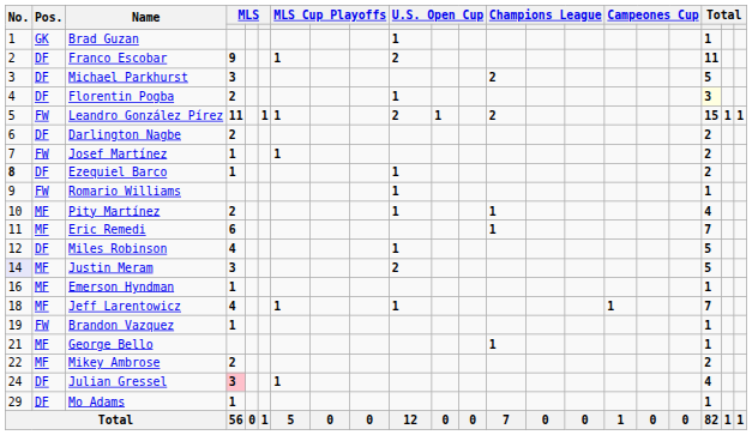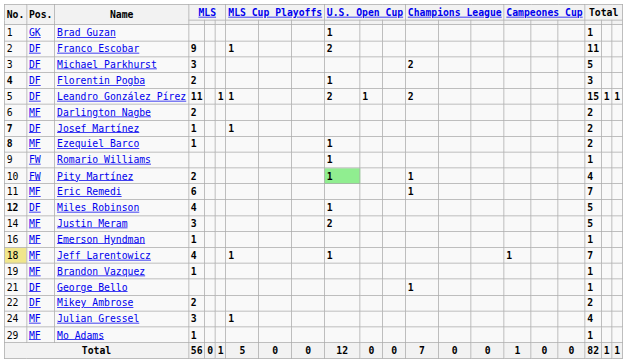 <table class="wikitable sortable" style="90% text-align: center">
 <tr>
 <th rowspan="2">No.</th>
 <th rowspan="2">Pos.</th>
 <th rowspan="2">Name</th>
 <th colspan="3"><a href='#'>MLS</a></th>
 <th colspan="3"><a href='#'>MLS Cup Playoffs</a></th>
 <th colspan="3"><a href='#'>U.S. Open Cup</a></th>
 <th colspan="3"><a href='#'>Champions League</a></th>
 <th colspan="3"><a href='#'>Campeones Cup</a></th>
 <th colspan="3">Total</th>
 </tr>
 <tr>
 <th></th>
 <th></th>
 <th></th>
 <th></th>
 <th></th>
 <th></th>
 <th></th>
 <th></th>
 <th></th>
 <th></th>
 <th></th>
 <th></th>
 <th></th>
 <th></th>
 <th></th>
 <th></th>
 <th></th>
 <th></th>
 </tr>
 <tr>
 <td>1</td>
 <td><a href='#'>GK</a></td>
 <td><a href='#'>Brad Guzan</a></td>
 <td><strong> </strong></td>
 <td><strong> </strong></td>
 <td><strong> </strong></td>
 <td><strong> </strong></td>
 <td><strong> </strong></td>
 <td><strong> </strong></td>
 <td><strong>1</strong></td>
 <td><strong> </strong></td>
 <td><strong> </strong></td>
 <td><strong> </strong></td>
 <td><strong> </strong></td>
 <td><strong> </strong></td>
 <td><strong> </strong></td>
 <td><strong> </strong></td>
 <td><strong> </strong></td>
 <td><strong>1</strong></td>
 <td><strong> </strong></td>
 <td><strong> </strong></td>
 </tr>
 <tr>
 <td>2</td>
 <td><a href='#'>DF</a></td>
 <td><a href='#'>Franco Escobar</a></td>
 <td><strong>9</strong></td>
 <td><strong> </strong></td>
 <td><strong> </strong></td>
 <td><strong>1</strong></td>
 <td><strong> </strong></td>
 <td><strong> </strong></td>
 <td><strong>2</strong></td>
 <td><strong> </strong></td>
 <td><strong> </strong></td>
 <td><strong> </strong></td>
 <td><strong> </strong></td>
 <td><strong> </strong></td>
 <td><strong> </strong></td>
 <td><strong> </strong></td>
 <td><strong> </strong></td>
 <td><strong>11</strong></td>
 <td><strong> </strong></td>
 <td><strong> </strong></td>
 </tr>
 <tr>
 <td>3</td>
 <td><a href='#'>DF</a></td>
 <td><a href='#'>Michael Parkhurst</a></td>
 <td><strong>3</strong></td>
 <td><strong> </strong></td>
 <td><strong> </strong></td>
 <td><strong> </strong></td>
 <td><strong> </strong></td>
 <td><strong> </strong></td>
 <td><strong> </strong></td>
 <td><strong> </strong></td>
 <td><strong> </strong></td>
 <td><strong>2</strong></td>
 <td><strong> </strong></td>
 <td><strong> </strong></td>
 <td><strong> </strong></td>
 <td><strong> </strong></td>
 <td><strong> </strong></td>
 <td><strong>5</strong></td>
 <td><strong> </strong></td>
 <td><strong> </strong></td>
 </tr>
 <tr>
-<td>4</td>
+<td><strong>4</strong></td>
 <td><a href='#'>DF</a></td>
 <td><a href='#'>Florentin Pogba</a></td>
 <td><strong>2</strong></td>
 <td><strong> </strong></td>
 <td><strong> </strong></td>
 <td><strong> </strong></td>
 <td><strong> </strong></td>
 <td><strong> </strong></td>
 <td><strong>1</strong></td>
 <td><strong> </strong></td>
 <td><strong> </strong></td>
 <td><strong> </strong></td>
 <td><strong> </strong></td>
 <td><strong> </strong></td>
 <td><strong> </strong></td>
 <td><strong> </strong></td>
 <td><strong> </strong></td>
-<td style="background: lightyellow;"><strong>3</strong></td>
+<td><strong>3</strong></td>
 <td><strong> </strong></td>
 <td><strong> </strong></td>
 </tr>
 <tr>
 <td>5</td>
-<td><a href='#'>FW</a></td>
+<td><a href='#'>DF</a></td>
 <td><a href='#'>Leandro González Pírez</a></td>
 <td><strong>11</strong></td>
 <td><strong> </strong></td>
 <td><strong>1</strong></td>
 <td><strong>1</strong></td>
 <td><strong> </strong></td>
 <td><strong> </strong></td>
 <td><strong>2</strong></td>
 <td><strong>1</strong></td>
 <td><strong> </strong></td>
 <td><strong>2</strong></td>
 <td><strong> </strong></td>
 <td><strong> </strong></td>
 <td><strong> </strong></td>
 <td><strong> </strong></td>
 <td><strong> </strong></td>
 <td><strong>15</strong></td>
 <td><strong>1</strong></td>
 <td><strong>1</strong></td>
 </tr>
 <tr>
 <td>6</td>
-<td><a href='#'>DF</a></td>
+<td><a href='#'>MF</a></td>
 <td><a href='#'>Darlington Nagbe</a></td>
 <td><strong>2</strong></td>
 <td><strong> </strong></td>
 <td><strong> </strong></td>
 <td><strong> </strong></td>
 <td><strong> </strong></td>
 <td><strong> </strong></td>
 <td><strong> </strong></td>
 <td><strong> </strong></td>
 <td><strong> </strong></td>
 <td><strong> </strong></td>
 <td><strong> </strong></td>
 <td><strong> </strong></td>
 <td><strong> </strong></td>
 <td><strong> </strong></td>
 <td><strong> </strong></td>
 <td><strong>2</strong></td>
 <td><strong> </strong></td>
 <td><strong> </strong></td>
 </tr>
 <tr>
-<td>7</td>
-<td><a href='#'>FW</a></td>
+<td><strong>7</strong></td>
+<td><a href='#'>DF</a></td>
 <td><a href='#'>Josef Martínez</a></td>
 <td><strong>1</strong></td>
 <td><strong> </strong></td>
 <td><strong> </strong></td>
 <td><strong>1</strong></td>
 <td><strong> </strong></td>
 <td><strong> </strong></td>
 <td><strong> </strong></td>
 <td><strong> </strong></td>
 <td><strong> </strong></td>
 <td><strong> </strong></td>
 <td><strong> </strong></td>
 <td><strong> </strong></td>
 <td><strong> </strong></td>
 <td><strong> </strong></td>
 <td><strong> </strong></td>
 <td><strong>2</strong></td>
 <td><strong> </strong></td>
 <td><strong> </strong></td>
 </tr>
 <tr>
 <td><strong>8</strong></td>
-<td><a href='#'>DF</a></td>
+<td><a href='#'>MF</a></td>
 <td><a href='#'>Ezequiel Barco</a></td>
 <td><strong>1</strong></td>
 <td><strong> </strong></td>
 <td><strong> </strong></td>
 <td><strong> </strong></td>
 <td><strong> </strong></td>
 <td><strong> </strong></td>
 <td><strong>1</strong></td>
 <td><strong> </strong></td>
 <td><strong> </strong></td>
 <td><strong> </strong></td>
 <td><strong> </strong></td>
 <td><strong> </strong></td>
 <td><strong> </strong></td>
 <td><strong> </strong></td>
 <td><strong> </strong></td>
 <td><strong>2</strong></td>
 <td><strong> </strong></td>
 <td><strong> </strong></td>
 </tr>
 <tr>
 <td>9</td>
 <td><a href='#'>FW</a></td>
 <td><a href='#'>Romario Williams</a></td>
 <td><strong> </strong></td>
 <td><strong> </strong></td>
 <td><strong> </strong></td>
 <td><strong> </strong></td>
 <td><strong> </strong></td>
 <td><strong> </strong></td>
 <td><strong>1</strong></td>
 <td><strong> </strong></td>
 <td><strong> </strong></td>
 <td><strong> </strong></td>
 <td><strong> </strong></td>
 <td><strong> </strong></td>
 <td><strong> </strong></td>
 <td><strong> </strong></td>
 <td><strong> </strong></td>
 <td><strong>1</strong></td>
 <td><strong> </strong></td>
 <td><strong> </strong></td>
 </tr>
 <tr>
 <td>10</td>
-<td><a href='#'>MF</a></td>
+<td><a href='#'>FW</a></td>
 <td><a href='#'>Pity Martínez</a></td>
 <td><strong>2</strong></td>
 <td><strong> </strong></td>
 <td><strong> </strong></td>
 <td><strong> </strong></td>
 <td><strong> </strong></td>
 <td><strong> </strong></td>
-<td><strong>1</strong></td>
+<td style="background: lightgreen;"><strong>1</strong></td>
 <td><strong> </strong></td>
 <td><strong> </strong></td>
 <td><strong>1</strong></td>
 <td><strong> </strong></td>
 <td><strong> </strong></td>
 <td><strong> </strong></td>
 <td><strong> </strong></td>
 <td><strong> </strong></td>
 <td><strong>4</strong></td>
 <td><strong> </strong></td>
 <td><strong> </strong></td>
 </tr>
 <tr>
 <td>11</td>
 <td><a href='#'>MF</a></td>
 <td><a href='#'>Eric Remedi</a></td>
 <td><strong>6</strong></td>
 <td><strong> </strong></td>
 <td><strong> </strong></td>
 <td><strong> </strong></td>
 <td><strong> </strong></td>
 <td><strong> </strong></td>
 <td><strong> </strong></td>
 <td><strong> </strong></td>
 <td><strong> </strong></td>
 <td><strong>1</strong></td>
 <td><strong> </strong></td>
 <td><strong> </strong></td>
 <td><strong> </strong></td>
 <td><strong> </strong></td>
 <td><strong> </strong></td>
 <td><strong>7</strong></td>
 <td><strong> </strong></td>
 <td><strong> </strong></td>
 </tr>
 <tr>
-<td>12</td>
+<td><strong>12</strong></td>
 <td><a href='#'>DF</a></td>
 <td><a href='#'>Miles Robinson</a></td>
 <td><strong>4</strong></td>
 <td><strong> </strong></td>
 <td><strong> </strong></td>
 <td><strong> </strong></td>
 <td><strong> </strong></td>
 <td><strong> </strong></td>
 <td><strong>1</strong></td>
 <td><strong> </strong></td>
 <td><strong> </strong></td>
 <td><strong> </strong></td>
 <td><strong> </strong></td>
 <td><strong> </strong></td>
 <td><strong> </strong></td>
 <td><strong> </strong></td>
 <td><strong> </strong></td>
 <td><strong>5</strong></td>
 <td><strong> </strong></td>
 <td><strong> </strong></td>
 </tr>
 <tr>
-<td style="background: lavender;">14</td>
+<td>14</td>
 <td><a href='#'>MF</a></td>
 <td><a href='#'>Justin Meram</a></td>
 <td><strong>3</strong></td>
 <td><strong> </strong></td>
 <td><strong> </strong></td>
 <td><strong> </strong></td>
 <td><strong> </strong></td>
 <td><strong> </strong></td>
 <td><strong>2</strong></td>
 <td><strong> </strong></td>
 <td><strong> </strong></td>
 <td><strong> </strong></td>
 <td><strong> </strong></td>
 <td><strong> </strong></td>
 <td><strong> </strong></td>
 <td><strong> </strong></td>
 <td><strong> </strong></td>
 <td><strong>5</strong></td>
 <td><strong> </strong></td>
 <td><strong> </strong></td>
 </tr>
 <tr>
 <td>16</td>
 <td><a href='#'>MF</a></td>
 <td><a href='#'>Emerson Hyndman</a></td>
 <td><strong>1</strong></td>
 <td><strong> </strong></td>
 <td><strong> </strong></td>
 <td><strong> </strong></td>
 <td><strong> </strong></td>
 <td><strong> </strong></td>
 <td><strong> </strong></td>
 <td><strong> </strong></td>
 <td><strong> </strong></td>
 <td><strong> </strong></td>
 <td><strong> </strong></td>
 <td><strong> </strong></td>
 <td><strong> </strong></td>
 <td><strong> </strong></td>
 <td><strong> </strong></td>
 <td><strong>1</strong></td>
 <td><strong> </strong></td>
 <td><strong> </strong></td>
 </tr>
 <tr>
-<td>18</td>
+<td style="background: khaki;">18</td>
 <td><a href='#'>MF</a></td>
 <td><a href='#'>Jeff Larentowicz</a></td>
 <td><strong>4</strong></td>
 <td><strong> </strong></td>
 <td><strong> </strong></td>
 <td><strong>1</strong></td>
 <td><strong> </strong></td>
 <td><strong> </strong></td>
 <td><strong>1 </strong></td>
 <td><strong> </strong></td>
 <td><strong> </strong></td>
 <td><strong> </strong></td>
 <td><strong> </strong></td>
 <td><strong> </strong></td>
 <td><strong>1</strong></td>
 <td><strong> </strong></td>
 <td><strong> </strong></td>
 <td><strong>7</strong></td>
 <td><strong> </strong></td>
 <td><strong> </strong></td>
 </tr>
 <tr>
 <td>19</td>
-<td><a href='#'>FW</a></td>
+<td><a href='#'>MF</a></td>
 <td><a href='#'>Brandon Vazquez</a></td>
 <td><strong>1</strong></td>
 <td><strong> </strong></td>
 <td><strong> </strong></td>
 <td><strong> </strong></td>
 <td><strong> </strong></td>
 <td><strong> </strong></td>
 <td><strong> </strong></td>
 <td><strong> </strong></td>
 <td><strong> </strong></td>
 <td><strong> </strong></td>
 <td><strong> </strong></td>
 <td><strong> </strong></td>
 <td><strong> </strong></td>
 <td><strong> </strong></td>
 <td><strong> </strong></td>
 <td><strong>1</strong></td>
 <td><strong> </strong></td>
 <td><strong> </strong></td>
 </tr>
 <tr>
 <td>21</td>
-<td><a href='#'>MF</a></td>
+<td><a href='#'>DF</a></td>
 <td><a href='#'>George Bello</a></td>
 <td><strong> </strong></td>
 <td><strong> </strong></td>
 <td><strong> </strong></td>
 <td><strong> </strong></td>
 <td><strong> </strong></td>
 <td><strong> </strong></td>
 <td><strong> </strong></td>
 <td><strong> </strong></td>
 <td><strong> </strong></td>
 <td><strong>1</strong></td>
 <td><strong> </strong></td>
 <td><strong> </strong></td>
 <td><strong> </strong></td>
 <td><strong> </strong></td>
 <td><strong> </strong></td>
 <td><strong>1</strong></td>
 <td><strong> </strong></td>
 <td><strong> </strong></td>
 </tr>
 <tr>
 <td>22</td>
-<td><a href='#'>MF</a></td>
+<td><a href='#'>DF</a></td>
 <td><a href='#'>Mikey Ambrose</a></td>
 <td><strong>2</strong></td>
 <td><strong> </strong></td>
 <td><strong> </strong></td>
 <td><strong> </strong></td>
 <td><strong> </strong></td>
 <td><strong> </strong></td>
 <td><strong> </strong></td>
 <td><strong> </strong></td>
 <td><strong> </strong></td>
 <td><strong> </strong></td>
 <td><strong> </strong></td>
 <td><strong> </strong></td>
 <td><strong> </strong></td>
 <td><strong> </strong></td>
 <td><strong> </strong></td>
 <td><strong>2</strong></td>
 <td><strong> </strong></td>
 <td><strong> </strong></td>
 </tr>
 <tr>
 <td>24</td>
-<td><a href='#'>DF</a></td>
+<td><a href='#'>MF</a></td>
 <td><a href='#'>Julian Gressel</a></td>
-<td style="background: pink;"><strong>3</strong></td>
+<td><strong>3</strong></td>
 <td><strong> </strong></td>
 <td><strong> </strong></td>
 <td><strong>1</strong></td>
 <td><strong> </strong></td>
 <td><strong> </strong></td>
 <td><strong> </strong></td>
 <td><strong> </strong></td>
 <td><strong> </strong></td>
 <td><strong> </strong></td>
 <td><strong> </strong></td>
 <td><strong> </strong></td>
 <td><strong> </strong></td>
 <td><strong> </strong></td>
 <td><strong> </strong></td>
 <td><strong>4</strong></td>
 <td><strong> </strong></td>
 <td><strong> </strong></td>
 </tr>
 <tr>
 <td>29</td>
-<td><a href='#'>DF</a></td>
+<td><a href='#'>MF</a></td>
 <td><a href='#'>Mo Adams</a></td>
 <td><strong>1</strong></td>
 <td><strong> </strong></td>
 <td><strong> </strong></td>
 <td><strong> </strong></td>
 <td><strong> </strong></td>
 <td><strong> </strong></td>
 <td><strong> </strong></td>
 <td><strong> </strong></td>
 <td><strong> </strong></td>
 <td><strong> </strong></td>
 <td><strong> </strong></td>
 <td><strong> </strong></td>
 <td><strong> </strong></td>
 <td><strong> </strong></td>
 <td><strong> </strong></td>
 <td><strong>1</strong></td>
 <td><strong> </strong></td>
 <td><strong> </strong></td>
 </tr>
 <tr>
 <th colspan=3>Total</th>
 <th>56</th>
 <th>0</th>
 <th>1</th>
 <th>5</th>
 <th>0</th>
 <th>0</th>
 <th>12</th>
 <th>0</th>
 <th>0</th>
 <th>7</th>
 <th>0</th>
 <th>0</th>
 <th>1</th>
 <th>0</th>
 <th>0</th>
 <th>82</th>
 <th>1</th>
 <th>1</th>
 </tr>
 </table>
